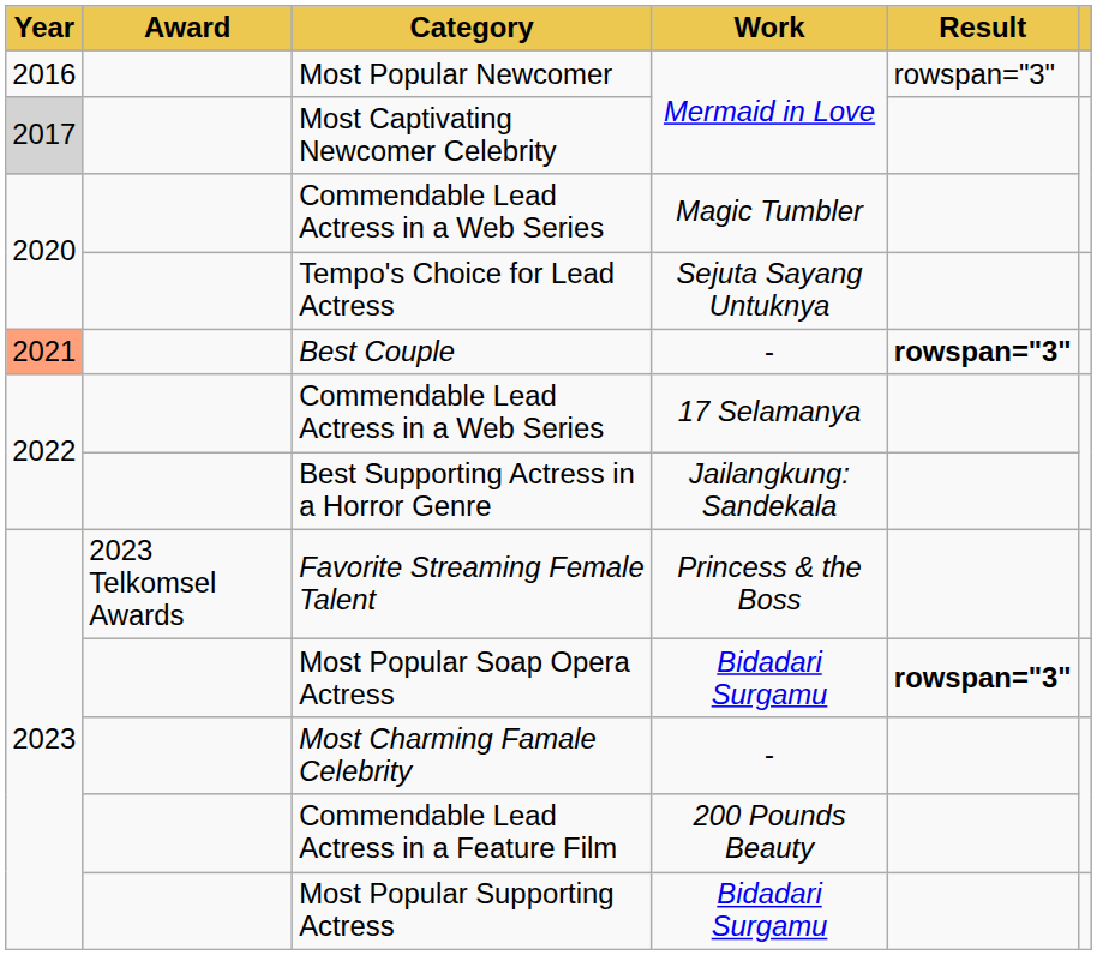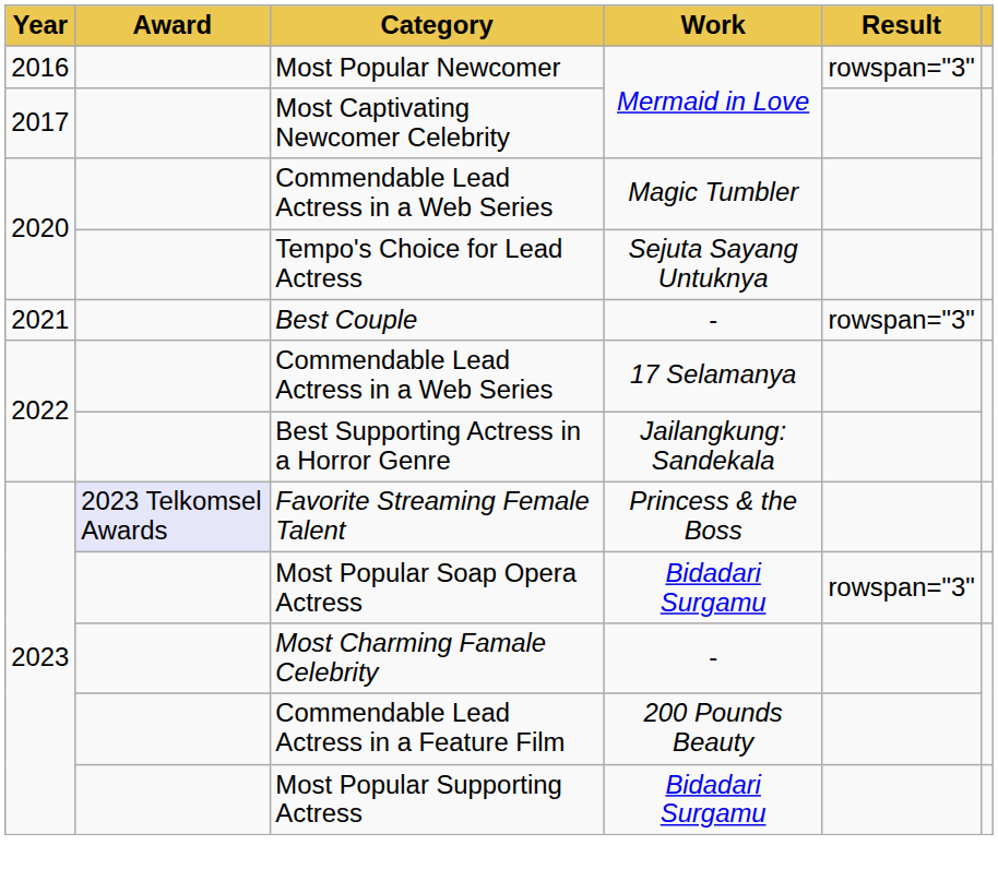 <table class="wikitable unsortable">
 <tr>
 <th style="background-color:#ECC850; color:">Year</th>
 <th style="background-color:#ECC850; color:">Award</th>
 <th style="background-color:#ECC850; color:">Category</th>
 <th style="background-color:#ECC850; color:">Work</th>
 <th style="background-color:#ECC850; color:">Result</th>
 <th style="background-color:#ECC850; color:"></th>
 </tr>
 <tr>
 <td>2016</td>
 <td></td>
 <td>Most Popular Newcomer</td>
 <td rowspan="2" align="center"><em><a href='#'>Mermaid in Love</a></em></td>
 <td>rowspan="3" </td>
 <td align="center"></td>
 </tr>
 <tr>
-<td style="background: lightgrey;">2017</td>
+<td>2017</td>
 <td></td>
 <td>Most Captivating Newcomer Celebrity</td>
 <td align="center"></td>
 </tr>
 <tr>
 <td rowspan="2">2020</td>
 <td></td>
 <td>Commendable Lead Actress in a Web Series</td>
 <td align="center"><em>Magic Tumbler</em></td>
 <td align="center"></td>
 </tr>
 <tr>
 <td></td>
 <td>Tempo's Choice for Lead Actress</td>
 <td align="center"><em>Sejuta Sayang Untuknya</em></td>
 <td></td>
 <td align="center"></td>
 </tr>
 <tr>
-<td style="background: lightsalmon;">2021</td>
+<td>2021</td>
 <td></td>
 <td><em>Best Couple</em> </td>
 <td align="center">-</td>
-<td><strong>rowspan="3" </strong></td>
+<td>rowspan="3" </td>
 <td align="center"></td>
 </tr>
 <tr>
 <td rowspan="2">2022</td>
 <td></td>
 <td>Commendable Lead Actress in a Web Series</td>
 <td align="center"><em>17 Selamanya</em></td>
 <td align="center"></td>
 </tr>
 <tr>
 <td></td>
 <td>Best Supporting Actress in a Horror Genre</td>
 <td align="center"><em>Jailangkung: Sandekala</em></td>
 <td align="center"></td>
 </tr>
 <tr>
 <td rowspan="5">2023</td>
-<td>2023 Telkomsel Awards</td>
+<td style="background: lavender;">2023 Telkomsel Awards</td>
 <td><em>Favorite Streaming Female Talent</em></td>
 <td align="center"><em>Princess &amp; the Boss</em></td>
 <td></td>
 <td align="center"></td>
 </tr>
 <tr>
 <td></td>
 <td>Most Popular Soap Opera Actress</td>
 <td align="center"><em><a href='#'>Bidadari Surgamu</a></em></td>
-<td><strong>rowspan="3" </strong></td>
+<td>rowspan="3" </td>
 <td align="center"></td>
 </tr>
 <tr>
 <td></td>
 <td><em>Most Charming Famale Celebrity</em></td>
 <td align="center">-</td>
 <td align="center"></td>
 </tr>
 <tr>
 <td></td>
 <td>Commendable Lead Actress in a Feature Film</td>
 <td align="center"><em>200 Pounds Beauty</em></td>
 <td align="center"></td>
 </tr>
 <tr>
 <td></td>
 <td>Most Popular Supporting Actress</td>
 <td align="center"><em><a href='#'>Bidadari Surgamu</a></em></td>
 <td></td>
 <td align="center"></td>
 </tr>
 </table>
